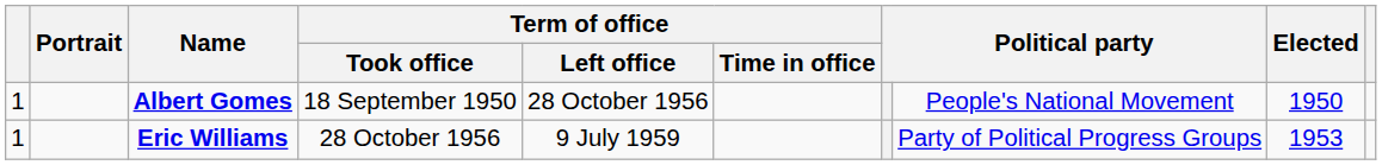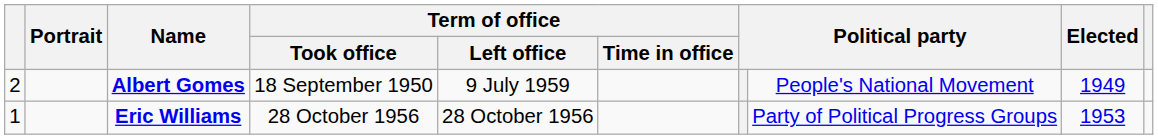 <table class="wikitable" style="text-align:center">
 <tr>
 <th rowspan=2 scope="col"></th>
 <th rowspan=2 scope="col">Portrait</th>
 <th rowspan=2 scope="col">Name<br></th>
 <th colspan=3 scope="col">Term of office</th>
 <th colspan=2 rowspan=2 scope="col">Political party</th>
 <th rowspan=2 scope="col">Elected</th>
 <th rowspan=2 scope="col"></th>
 </tr>
 <tr>
 <th scope="col">Took office</th>
 <th scope="col">Left office</th>
 <th scope="col">Time in office</th>
 </tr>
 <tr>
-<td>1</td>
+<td>2</td>
 <td></td>
 <td><strong><a href='#'>Albert Gomes</a></strong><br></td>
 <td>18 September 1950</td>
-<td>28 October 1956</td>
+<td>9 July 1959</td>
 <td></td>
 <th style="background:"></th>
 <td><a href='#'>People's National Movement</a></td>
-<td><a href='#'>1950</a></td>
+<td><a href='#'>1949</a></td>
 <td></td>
 </tr>
 <tr>
 <td>1</td>
 <td></td>
 <td><strong><a href='#'>Eric Williams</a></strong><br></td>
 <td>28 October 1956</td>
-<td>9 July 1959</td>
+<td>28 October 1956</td>
 <td></td>
 <th style="background:"></th>
 <td><a href='#'>Party of Political Progress Groups</a></td>
 <td><a href='#'>1953</a></td>
 <td></td>
 </tr>
 </table>
